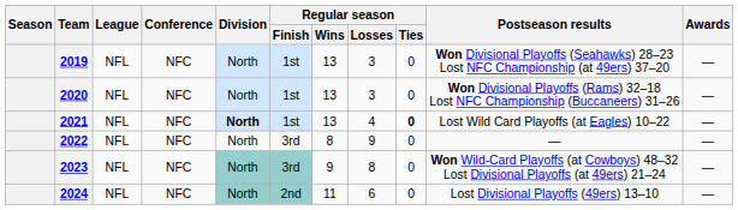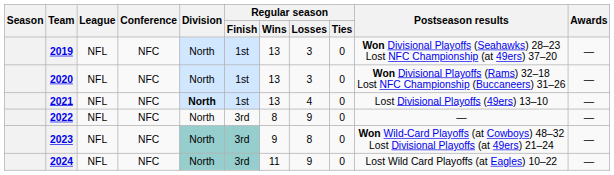 <table class="wikitable" style="font-size:95%; text-align:center;">
 <tr>
 <th rowspan="2">Season</th>
 <th rowspan="2">Team</th>
 <th rowspan="2">League</th>
 <th rowspan="2">Conference</th>
 <th rowspan="2">Division</th>
 <th colspan="4">Regular season</th>
 <th rowspan="2">Postseason results</th>
 <th rowspan="2">Awards</th>
 </tr>
 <tr>
 <th>Finish</th>
 <th>Wins</th>
 <th>Losses</th>
 <th>Ties</th>
 </tr>
 <tr>
 <th></th>
 <th><a href='#'>2019</a></th>
 <td>NFL</td>
 <td>NFC</td>
 <td style="background:#d0e7ff;">North</td>
 <td style="background:#d0e7ff;">1st</td>
 <td>13</td>
 <td>3</td>
 <td>0</td>
 <td><strong>Won</strong> <a href='#'>Divisional Playoffs</a> (<a href='#'>Seahawks</a>) 28–23<br>Lost <a href='#'>NFC Championship</a> (at <a href='#'>49ers</a>) 37–20</td>
 <td>—</td>
 </tr>
 <tr>
 <th></th>
 <th><a href='#'>2020</a></th>
 <td>NFL</td>
 <td>NFC</td>
 <td style="background:#d0e7ff;">North</td>
 <td style="background:#d0e7ff;">1st</td>
 <td>13</td>
 <td>3</td>
 <td>0</td>
 <td><strong>Won</strong> <a href='#'>Divisional Playoffs</a> (<a href='#'>Rams</a>) 32–18<br>Lost <a href='#'>NFC Championship</a> (<a href='#'>Buccaneers</a>) 31–26</td>
 <td>—</td>
 </tr>
 <tr>
 <th></th>
 <th><a href='#'>2021</a></th>
 <td>NFL</td>
 <td>NFC</td>
 <td style="background:#d0e7ff;"><strong>North</strong></td>
 <td style="background:#d0e7ff;">1st</td>
 <td>13</td>
 <td>4</td>
-<td><strong>0</strong></td>
-<td>Lost Wild Card Playoffs (at <a href='#'>Eagles</a>) 10–22</td>
+<td>0</td>
+<td>Lost <a href='#'>Divisional Playoffs</a> (<a href='#'>49ers</a>) 13–10</td>
 <td>—</td>
 </tr>
 <tr>
 <th></th>
 <th><a href='#'>2022</a></th>
 <td>NFL</td>
 <td>NFC</td>
 <td>North</td>
 <td>3rd</td>
 <td>8</td>
 <td>9</td>
 <td>0</td>
 <td>—</td>
 <td>—</td>
 </tr>
 <tr>
 <th></th>
 <th><a href='#'>2023</a></th>
 <td>NFL</td>
 <td>NFC</td>
 <td style="background:#96cdcd;">North</td>
 <td style="background:#96cdcd;">3rd</td>
 <td>9</td>
 <td>8</td>
 <td>0</td>
 <td><strong>Won</strong> <a href='#'>Wild-Card Playoffs</a> (at <a href='#'>Cowboys</a>) 48–32<br>Lost <a href='#'>Divisional Playoffs</a> (at <a href='#'>49ers</a>) 21–24</td>
 <td>—</td>
 </tr>
 <tr>
 <th></th>
 <th><a href='#'>2024</a></th>
 <td>NFL</td>
 <td>NFC</td>
 <td style="background:#96cdcd;">North</td>
-<td style="background:#96cdcd;">2nd</td>
+<td style="background:#96cdcd;">3rd</td>
 <td>11</td>
-<td>6</td>
+<td>9</td>
 <td>0</td>
-<td>Lost <a href='#'>Divisional Playoffs</a> (<a href='#'>49ers</a>) 13–10</td>
+<td>Lost Wild Card Playoffs (at <a href='#'>Eagles</a>) 10–22</td>
 <td>—</td>
 </tr>
 </table>
